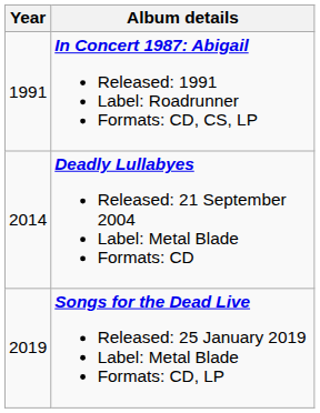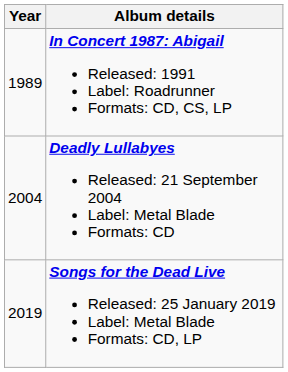 <table class ="wikitable" border="1">
 <tr>
 <th>Year</th>
 <th width="240">Album details</th>
 </tr>
 <tr>
-<td>1991</td>
+<td>1989</td>
 <td><strong><em><a href='#'>In Concert 1987: Abigail</a></em></strong><br><ul><li>Released: 1991</li><li>Label: Roadrunner</li><li>Formats: CD, CS, LP</li></ul></td>
 </tr>
 <tr>
-<td>2014</td>
+<td>2004</td>
 <td><strong><em><a href='#'>Deadly Lullabyes</a></em></strong><br><ul><li>Released: 21 September 2004</li><li>Label: Metal Blade</li><li>Formats: CD</li></ul></td>
 </tr>
 <tr>
 <td>2019</td>
 <td><strong><em><a href='#'>Songs for the Dead Live</a></em></strong><br><ul><li>Released: 25 January 2019</li><li>Label: Metal Blade</li><li>Formats: CD, LP</li></ul></td>
 </tr>
 </table>
